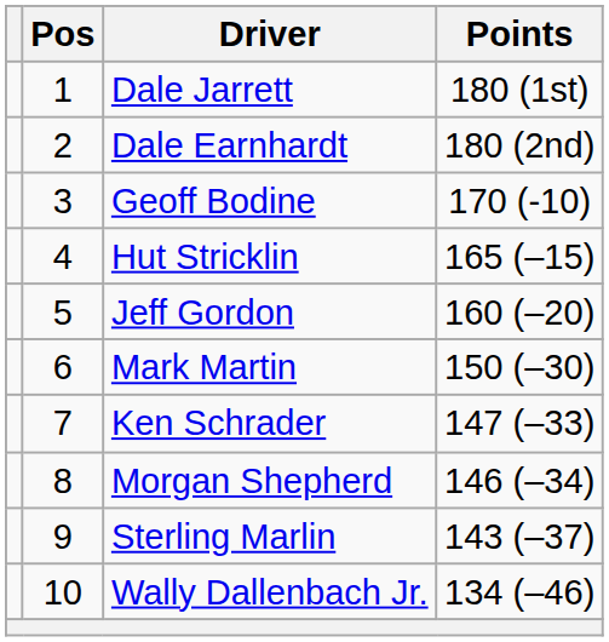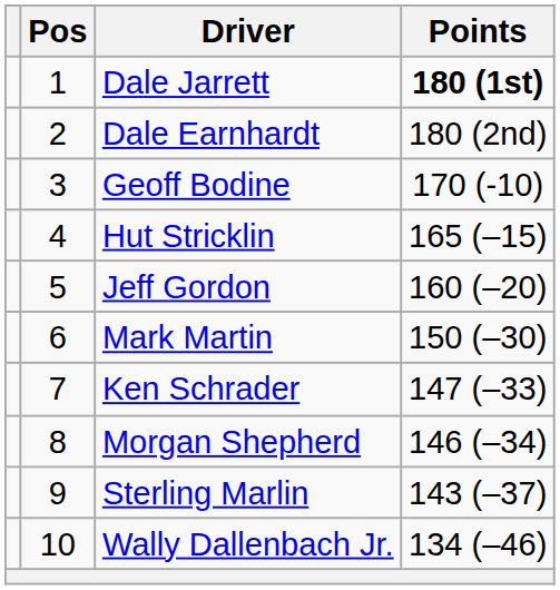 <table class="wikitable" style="font-size: 95%;">
 <tr>
 <th></th>
 <th>Pos</th>
 <th>Driver</th>
 <th>Points</th>
 </tr>
 <tr>
 <td align="left"></td>
 <td style="text-align:center;">1</td>
 <td><a href='#'>Dale Jarrett</a></td>
-<td style="text-align:center;">180 (1st)</td>
+<td style="text-align:center;"><strong>180 (1st)</strong></td>
 </tr>
 <tr>
 <td align="left"></td>
 <td style="text-align:center;">2</td>
 <td><a href='#'>Dale Earnhardt</a></td>
 <td style="text-align:center;">180 (2nd)</td>
 </tr>
 <tr>
 <td align="left"></td>
 <td style="text-align:center;">3</td>
 <td><a href='#'>Geoff Bodine</a></td>
 <td style="text-align:center;">170 (-10)</td>
 </tr>
 <tr>
 <td align="left"></td>
 <td style="text-align:center;">4</td>
 <td><a href='#'>Hut Stricklin</a></td>
 <td style="text-align:center;">165 (–15)</td>
 </tr>
 <tr>
 <td align="left"></td>
 <td style="text-align:center;">5</td>
 <td><a href='#'>Jeff Gordon</a></td>
 <td style="text-align:center;">160 (–20)</td>
 </tr>
 <tr>
 <td align="left"></td>
 <td style="text-align:center;">6</td>
 <td><a href='#'>Mark Martin</a></td>
 <td style="text-align:center;">150 (–30)</td>
 </tr>
 <tr>
 <td align="left"></td>
 <td style="text-align:center;">7</td>
 <td><a href='#'>Ken Schrader</a></td>
 <td style="text-align:center;">147 (–33)</td>
 </tr>
 <tr>
 <td align="left"></td>
 <td style="text-align:center;">8</td>
 <td><a href='#'>Morgan Shepherd</a></td>
 <td style="text-align:center;">146 (–34)</td>
 </tr>
 <tr>
 <td align="left"></td>
 <td style="text-align:center;">9</td>
 <td><a href='#'>Sterling Marlin</a></td>
 <td style="text-align:center;">143 (–37)</td>
 </tr>
 <tr>
 <td align="left"></td>
 <td style="text-align:center;">10</td>
 <td><a href='#'>Wally Dallenbach Jr.</a></td>
 <td style="text-align:center;">134 (–46)</td>
 </tr>
 <tr class="sortbottom">
 <th colspan="9"></th>
 </tr>
 </table>
